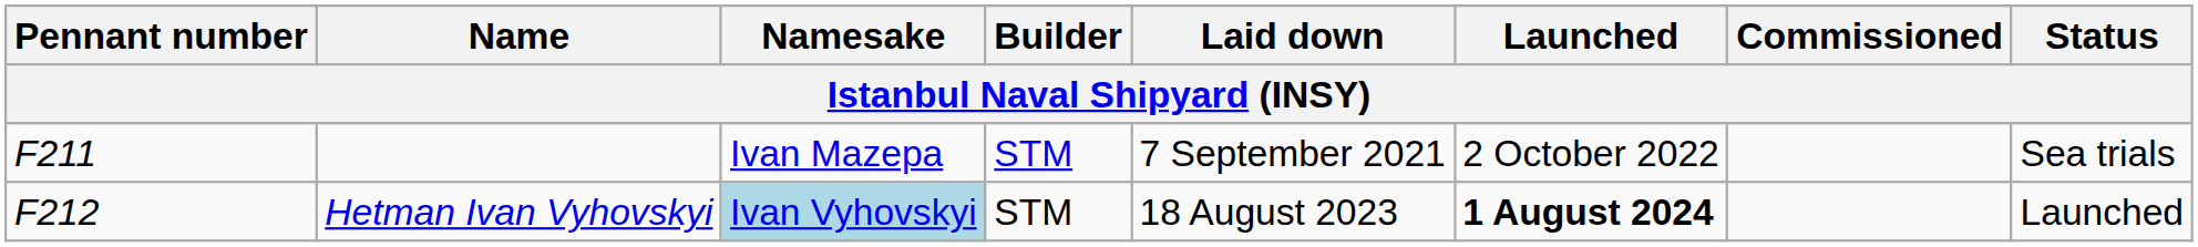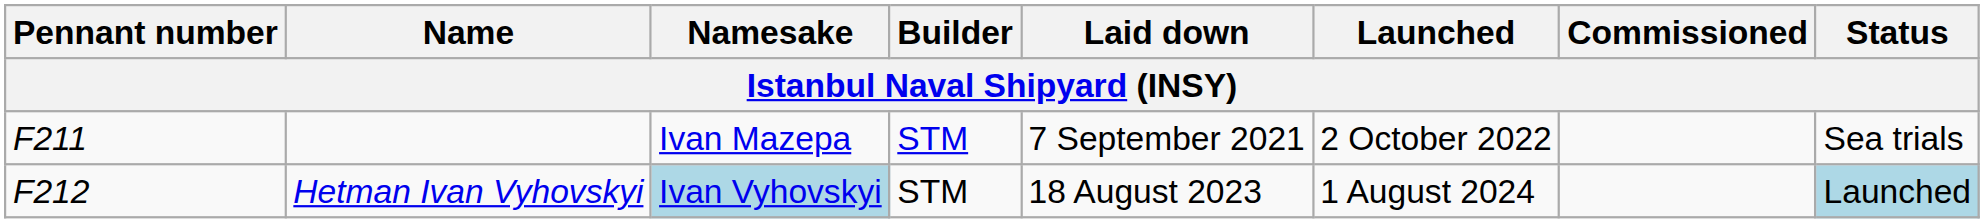 <table class="wikitable" style="font-size:95%;">
 <tr>
 <th>Pennant number</th>
 <th>Name</th>
 <th>Namesake</th>
 <th>Builder</th>
 <th>Laid down</th>
 <th>Launched</th>
 <th>Commissioned</th>
 <th>Status</th>
 </tr>
 <tr>
 <th colspan=8><a href='#'>Istanbul Naval Shipyard</a> (INSY)</th>
 </tr>
 <tr>
 <td><em>F211</em> </td>
 <td></td>
 <td><a href='#'>Ivan Mazepa</a></td>
 <td><a href='#'>STM</a></td>
 <td>7 September 2021</td>
 <td>2 October 2022</td>
 <td></td>
 <td>Sea trials</td>
 </tr>
 <tr>
 <td><em>F212</em></td>
 <td><em><a href='#'>Hetman Ivan Vyhovskyi</a></em></td>
 <td style="background: lightblue;"><a href='#'>Ivan Vyhovskyi</a></td>
 <td>STM</td>
 <td>18 August 2023</td>
-<td><strong>1 August 2024</strong></td>
+<td>1 August 2024</td>
 <td></td>
-<td>Launched</td>
+<td style="background: lightblue;">Launched</td>
 </tr>
 </table>
